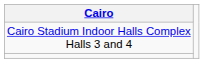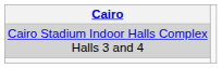 <table class="wikitable" style="text-align:center;">
 <tr>
 <th><a href='#'>Cairo</a></th>
 <td rowspan="4"><br></td>
 </tr>
 <tr>
-<td><a href='#'>Cairo Stadium Indoor Halls Complex</a><br>Halls 3 and 4 </td>
+<td style="background: lightgrey;"><a href='#'>Cairo Stadium Indoor Halls Complex</a><br>Halls 3 and 4 </td>
 </tr>
 <tr>
 <td></td>
 </tr>
 </table>
